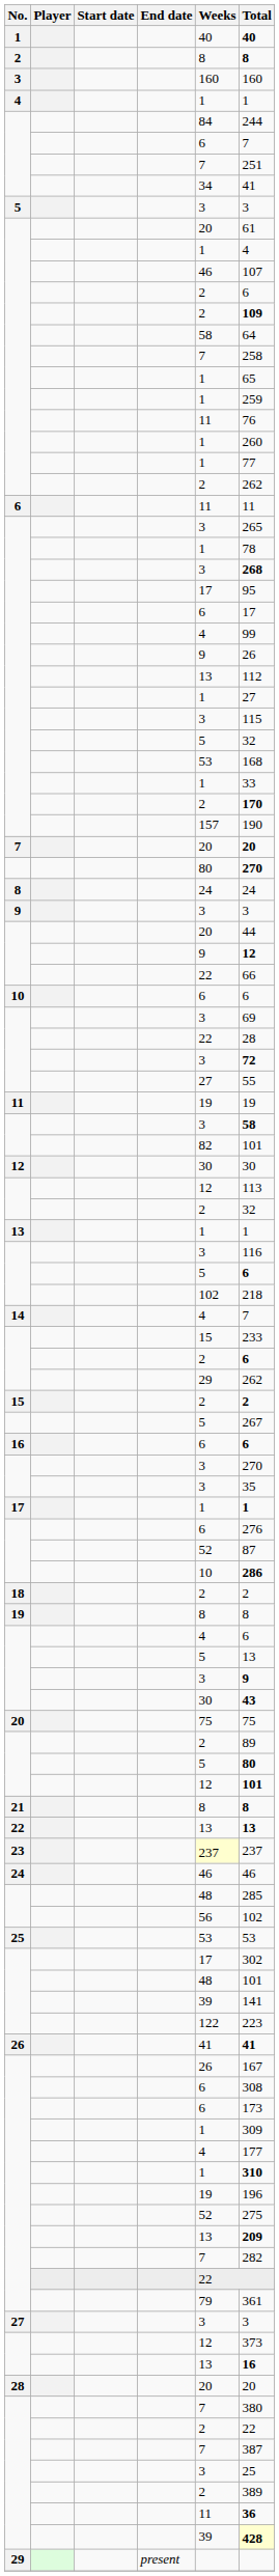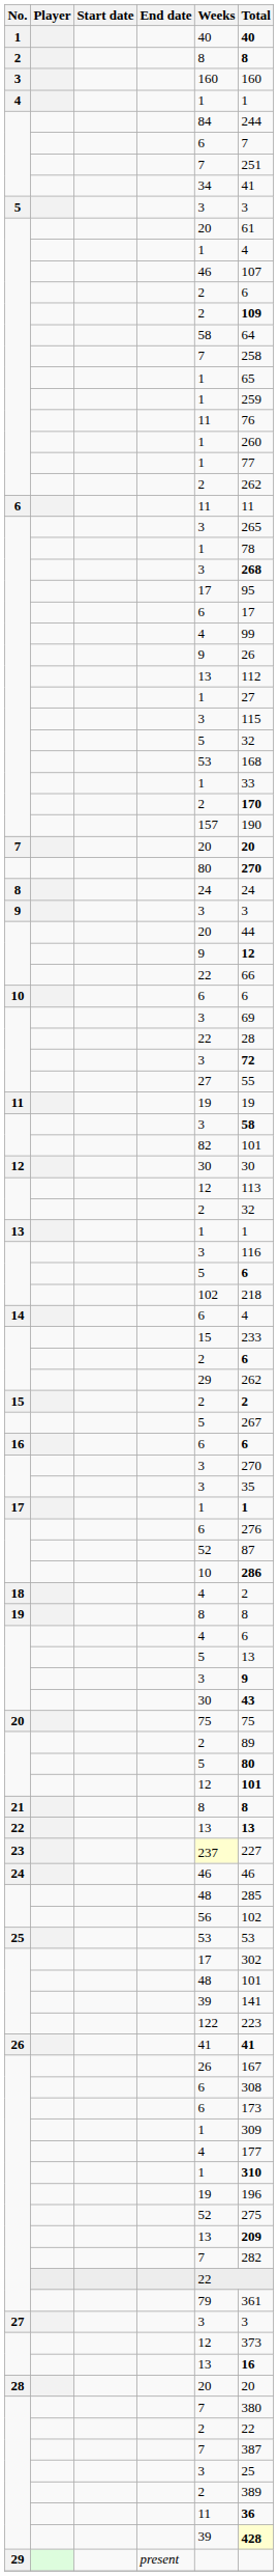 <table class="wikitable sortable plainrowheaders nowrap">
 <tr>
 <th scope="col" class="unsortable">No.</th>
 <th scope="col">Player</th>
 <th scope="col" style="width:90">Start date</th>
 <th scope="col" style="width:90">End date</th>
 <th scope="col">Weeks</th>
 <th scope="col">Total</th>
 </tr>
 <tr>
 <th scope="row"><strong>1</strong></th>
 <th scope="row"></th>
 <td></td>
 <td></td>
 <td>40</td>
 <td><strong>40</strong></td>
 </tr>
 <tr>
 <th scope="row"><strong>2</strong></th>
 <th scope="row"></th>
 <td></td>
 <td></td>
 <td>8</td>
 <td><strong>8</strong></td>
 </tr>
 <tr>
 <th scope="row"><strong>3</strong></th>
 <th scope="row"></th>
 <td></td>
 <td></td>
 <td>160</td>
 <td>160</td>
 </tr>
 <tr>
 <th scope="row"><strong>4</strong></th>
 <th scope="row"></th>
 <td></td>
 <td></td>
 <td>1</td>
 <td>1</td>
 </tr>
 <tr>
 <td rowspan="4"></td>
 <td></td>
 <td></td>
 <td></td>
 <td>84</td>
 <td>244</td>
 </tr>
 <tr>
 <td></td>
 <td></td>
 <td></td>
 <td>6</td>
 <td>7</td>
 </tr>
 <tr>
 <td></td>
 <td></td>
 <td></td>
 <td>7</td>
 <td>251</td>
 </tr>
 <tr>
 <td></td>
 <td></td>
 <td></td>
 <td>34</td>
 <td>41</td>
 </tr>
 <tr>
 <th scope="row"><strong>5</strong></th>
 <th scope="row"></th>
 <td></td>
 <td></td>
 <td>3</td>
 <td>3</td>
 </tr>
 <tr>
 <td rowspan="13"></td>
 <td></td>
 <td></td>
 <td></td>
 <td>20</td>
 <td>61</td>
 </tr>
 <tr>
 <td></td>
 <td></td>
 <td></td>
 <td>1</td>
 <td>4</td>
 </tr>
 <tr>
 <td></td>
 <td></td>
 <td></td>
 <td>46</td>
 <td>107</td>
 </tr>
 <tr>
 <td></td>
 <td></td>
 <td></td>
 <td>2</td>
 <td>6</td>
 </tr>
 <tr>
 <td></td>
 <td></td>
 <td></td>
 <td>2</td>
 <td><strong>109</strong></td>
 </tr>
 <tr>
 <td></td>
 <td></td>
 <td></td>
 <td>58</td>
 <td>64</td>
 </tr>
 <tr>
 <td></td>
 <td></td>
 <td></td>
 <td>7</td>
 <td>258</td>
 </tr>
 <tr>
 <td></td>
 <td></td>
 <td></td>
 <td>1</td>
 <td>65</td>
 </tr>
 <tr>
 <td></td>
 <td></td>
 <td></td>
 <td>1</td>
 <td>259</td>
 </tr>
 <tr>
 <td></td>
 <td></td>
 <td></td>
 <td>11</td>
 <td>76</td>
 </tr>
 <tr>
 <td></td>
 <td></td>
 <td></td>
 <td>1</td>
 <td>260</td>
 </tr>
 <tr>
 <td></td>
 <td></td>
 <td></td>
 <td>1</td>
 <td>77</td>
 </tr>
 <tr>
 <td></td>
 <td></td>
 <td></td>
 <td>2</td>
 <td>262</td>
 </tr>
 <tr>
 <th scope="row"><strong>6</strong></th>
 <th scope="row"></th>
 <td></td>
 <td></td>
 <td>11</td>
 <td>11</td>
 </tr>
 <tr>
 <td rowspan="15"></td>
 <td></td>
 <td></td>
 <td></td>
 <td>3</td>
 <td>265</td>
 </tr>
 <tr>
 <td></td>
 <td></td>
 <td></td>
 <td>1</td>
 <td>78</td>
 </tr>
 <tr>
 <td></td>
 <td></td>
 <td></td>
 <td>3</td>
 <td><strong>268</strong></td>
 </tr>
 <tr>
 <td></td>
 <td></td>
 <td></td>
 <td>17</td>
 <td>95</td>
 </tr>
 <tr>
 <td></td>
 <td></td>
 <td></td>
 <td>6</td>
 <td>17</td>
 </tr>
 <tr>
 <td></td>
 <td></td>
 <td></td>
 <td>4</td>
 <td>99</td>
 </tr>
 <tr>
 <td></td>
 <td></td>
 <td></td>
 <td>9</td>
 <td>26</td>
 </tr>
 <tr>
 <td></td>
 <td></td>
 <td></td>
 <td>13</td>
 <td>112</td>
 </tr>
 <tr>
 <td></td>
 <td></td>
 <td></td>
 <td>1</td>
 <td>27</td>
 </tr>
 <tr>
 <td></td>
 <td></td>
 <td></td>
 <td>3</td>
 <td>115</td>
 </tr>
 <tr>
 <td></td>
 <td></td>
 <td></td>
 <td>5</td>
 <td>32</td>
 </tr>
 <tr>
 <td></td>
 <td></td>
 <td></td>
 <td>53</td>
 <td>168</td>
 </tr>
 <tr>
 <td></td>
 <td></td>
 <td></td>
 <td>1</td>
 <td>33</td>
 </tr>
 <tr>
 <td></td>
 <td></td>
 <td></td>
 <td>2</td>
 <td><strong>170</strong></td>
 </tr>
 <tr>
 <td></td>
 <td></td>
 <td></td>
 <td>157</td>
 <td>190</td>
 </tr>
 <tr>
 <th scope="row"><strong>7</strong></th>
 <th scope="row"></th>
 <td></td>
 <td></td>
 <td>20</td>
 <td><strong>20</strong></td>
 </tr>
 <tr>
 <td></td>
 <td></td>
 <td></td>
 <td></td>
 <td>80</td>
 <td><strong>270</strong></td>
 </tr>
 <tr>
 <th scope="row"><strong>8</strong></th>
 <th scope="row"></th>
 <td></td>
 <td></td>
 <td>24</td>
 <td>24</td>
 </tr>
 <tr>
 <th scope="row"><strong>9</strong></th>
 <th scope="row"></th>
 <td></td>
 <td></td>
 <td>3</td>
 <td>3</td>
 </tr>
 <tr>
 <td rowspan="3"></td>
 <td></td>
 <td></td>
 <td></td>
 <td>20</td>
 <td>44</td>
 </tr>
 <tr>
 <td></td>
 <td></td>
 <td></td>
 <td>9</td>
 <td><strong>12</strong></td>
 </tr>
 <tr>
 <td></td>
 <td></td>
 <td></td>
 <td>22</td>
 <td>66</td>
 </tr>
 <tr>
 <th scope="row"><strong>10</strong></th>
 <th scope="row"></th>
 <td></td>
 <td></td>
 <td>6</td>
 <td>6</td>
 </tr>
 <tr>
 <td rowspan="4"></td>
 <td></td>
 <td></td>
 <td></td>
 <td>3</td>
 <td>69</td>
 </tr>
 <tr>
 <td></td>
 <td></td>
 <td></td>
 <td>22</td>
 <td>28</td>
 </tr>
 <tr>
 <td></td>
 <td></td>
 <td></td>
 <td>3</td>
 <td><strong>72</strong></td>
 </tr>
 <tr>
 <td></td>
 <td></td>
 <td></td>
 <td>27</td>
 <td>55</td>
 </tr>
 <tr>
 <th scope="row"><strong>11</strong></th>
 <th scope="row"></th>
 <td></td>
 <td></td>
 <td>19</td>
 <td>19</td>
 </tr>
 <tr>
 <td rowspan="2"></td>
 <td></td>
 <td></td>
 <td></td>
 <td>3</td>
 <td><strong>58</strong></td>
 </tr>
 <tr>
 <td></td>
 <td></td>
 <td></td>
 <td>82</td>
 <td>101</td>
 </tr>
 <tr>
 <th scope="row"><strong>12</strong></th>
 <th scope="row"></th>
 <td></td>
 <td></td>
 <td>30</td>
 <td>30</td>
 </tr>
 <tr>
 <td rowspan="2"></td>
 <td></td>
 <td></td>
 <td></td>
 <td>12</td>
 <td>113</td>
 </tr>
 <tr>
 <td></td>
 <td></td>
 <td></td>
 <td>2</td>
 <td>32</td>
 </tr>
 <tr>
 <th scope="row"><strong>13</strong></th>
 <th scope="row"></th>
 <td></td>
 <td></td>
 <td>1</td>
 <td>1</td>
 </tr>
 <tr>
 <td rowspan="3"></td>
 <td></td>
 <td></td>
 <td></td>
 <td>3</td>
 <td>116</td>
 </tr>
 <tr>
 <td></td>
 <td></td>
 <td></td>
 <td>5</td>
 <td><strong>6</strong></td>
 </tr>
 <tr>
 <td></td>
 <td></td>
 <td></td>
 <td>102</td>
 <td>218</td>
 </tr>
 <tr>
 <th scope="row"><strong>14</strong></th>
 <th scope="row"></th>
 <td></td>
 <td></td>
+<td>6</td>
 <td>4</td>
-<td>7</td>
 </tr>
 <tr>
 <td rowspan="3"></td>
 <td></td>
 <td></td>
 <td></td>
 <td>15</td>
 <td>233</td>
 </tr>
 <tr>
 <td></td>
 <td></td>
 <td></td>
 <td>2</td>
 <td><strong>6</strong></td>
 </tr>
 <tr>
 <td></td>
 <td></td>
 <td></td>
 <td>29</td>
 <td>262</td>
 </tr>
 <tr>
 <th scope="row"><strong>15</strong></th>
 <th scope="row"></th>
 <td></td>
 <td></td>
 <td>2</td>
 <td><strong>2</strong></td>
 </tr>
 <tr>
 <td></td>
 <td></td>
 <td></td>
 <td></td>
 <td>5</td>
 <td>267</td>
 </tr>
 <tr>
 <th scope="row"><strong>16</strong></th>
 <th scope="row"></th>
 <td></td>
 <td></td>
 <td>6</td>
 <td><strong>6</strong></td>
 </tr>
 <tr>
 <td rowspan="2"></td>
 <td></td>
 <td></td>
 <td></td>
 <td>3</td>
 <td>270</td>
 </tr>
 <tr>
 <td></td>
 <td></td>
 <td></td>
 <td>3</td>
 <td>35</td>
 </tr>
 <tr>
 <th scope="row"><strong>17</strong></th>
 <th scope="row"></th>
 <td></td>
 <td></td>
 <td>1</td>
 <td><strong>1</strong></td>
 </tr>
 <tr>
 <td rowspan="3"></td>
 <td></td>
 <td></td>
 <td></td>
 <td>6</td>
 <td>276</td>
 </tr>
 <tr>
 <td></td>
 <td></td>
 <td></td>
 <td>52</td>
 <td>87</td>
 </tr>
 <tr>
 <td></td>
 <td></td>
 <td></td>
 <td>10</td>
 <td><strong>286</strong></td>
 </tr>
 <tr>
 <th scope="row"><strong>18</strong></th>
 <th scope="row"></th>
 <td></td>
 <td></td>
-<td>2</td>
+<td>4</td>
 <td>2</td>
 </tr>
 <tr>
 <th scope="row"><strong>19</strong></th>
 <th scope="row"></th>
 <td></td>
 <td></td>
 <td>8</td>
 <td>8</td>
 </tr>
 <tr>
 <td rowspan="4"></td>
 <td> </td>
 <td></td>
 <td></td>
 <td>4</td>
 <td>6</td>
 </tr>
 <tr>
 <td></td>
 <td></td>
 <td></td>
 <td>5</td>
 <td>13</td>
 </tr>
 <tr>
 <td></td>
 <td></td>
 <td></td>
 <td>3</td>
 <td><strong>9</strong></td>
 </tr>
 <tr>
 <td></td>
 <td></td>
 <td></td>
 <td>30</td>
 <td><strong>43</strong></td>
 </tr>
 <tr>
 <th scope="row"><strong>20</strong></th>
 <th scope="row"></th>
 <td></td>
 <td></td>
 <td>75</td>
 <td>75</td>
 </tr>
 <tr>
 <td rowspan="3"></td>
 <td></td>
 <td></td>
 <td></td>
 <td>2</td>
 <td>89</td>
 </tr>
 <tr>
 <td></td>
 <td></td>
 <td></td>
 <td>5</td>
 <td><strong>80</strong></td>
 </tr>
 <tr>
 <td></td>
 <td></td>
 <td></td>
 <td>12</td>
 <td><strong>101</strong></td>
 </tr>
 <tr>
 <th scope="row"><strong>21</strong></th>
 <th scope="row"></th>
 <td></td>
 <td></td>
 <td>8</td>
 <td><strong>8</strong></td>
 </tr>
 <tr>
 <th scope="row"><strong>22</strong></th>
 <th scope="row"></th>
 <td></td>
 <td></td>
 <td>13</td>
 <td><strong>13</strong></td>
 </tr>
 <tr>
 <th scope="row"><strong>23</strong></th>
 <th scope="row"></th>
 <td></td>
 <td></td>
 <td style="background:#ffffcf">237<sup></sup></td>
-<td>237</td>
+<td>227</td>
 </tr>
 <tr>
 <th scope="row"><strong>24</strong></th>
 <th scope="row"></th>
 <td></td>
 <td></td>
 <td>46</td>
 <td>46</td>
 </tr>
 <tr>
 <td rowspan="2"></td>
 <td></td>
 <td></td>
 <td></td>
 <td>48</td>
 <td>285</td>
 </tr>
 <tr>
 <td></td>
 <td></td>
 <td></td>
 <td>56</td>
 <td>102</td>
 </tr>
 <tr>
 <th scope="row"><strong>25</strong></th>
 <th scope="row"></th>
 <td></td>
 <td></td>
 <td>53</td>
 <td>53</td>
 </tr>
 <tr>
 <td rowspan="4"></td>
 <td></td>
 <td></td>
 <td></td>
 <td>17</td>
 <td>302</td>
 </tr>
 <tr>
 <td></td>
 <td></td>
 <td></td>
 <td>48</td>
 <td>101</td>
 </tr>
 <tr>
 <td></td>
 <td></td>
 <td></td>
 <td>39</td>
 <td>141</td>
 </tr>
 <tr>
 <td></td>
 <td></td>
 <td></td>
 <td>122</td>
 <td>223</td>
 </tr>
 <tr>
 <th scope="row"><strong>26</strong></th>
 <th scope="row"></th>
 <td></td>
 <td></td>
 <td>41</td>
 <td><strong>41</strong></td>
 </tr>
 <tr>
 <td rowspan="12"></td>
 <td></td>
 <td></td>
 <td></td>
 <td>26</td>
 <td>167</td>
 </tr>
 <tr>
 <td></td>
 <td></td>
 <td></td>
 <td>6</td>
 <td>308</td>
 </tr>
 <tr>
 <td></td>
 <td></td>
 <td></td>
 <td>6</td>
 <td>173</td>
 </tr>
 <tr>
 <td></td>
 <td></td>
 <td></td>
 <td>1</td>
 <td>309</td>
 </tr>
 <tr>
 <td></td>
 <td></td>
 <td></td>
 <td>4</td>
 <td>177</td>
 </tr>
 <tr>
 <td></td>
 <td></td>
 <td></td>
 <td>1</td>
 <td><strong>310</strong></td>
 </tr>
 <tr>
 <td></td>
 <td></td>
 <td></td>
 <td>19</td>
 <td>196</td>
 </tr>
 <tr>
 <td></td>
 <td></td>
 <td></td>
 <td>52</td>
 <td>275</td>
 </tr>
 <tr>
 <td></td>
 <td></td>
 <td></td>
 <td>13</td>
 <td><strong>209</strong></td>
 </tr>
 <tr>
 <td></td>
 <td></td>
 <td></td>
 <td>7</td>
 <td>282</td>
 </tr>
 <tr>
 <th scope="row" style="background-color: #ededed; text-align:center;"></th>
 <td style="background-color: #ededed"></td>
 <td style="background-color: #ededed"></td>
 <td colspan="2" scope="row" style="background-color: #ededed">22</td>
 </tr>
 <tr>
 <td></td>
 <td></td>
 <td></td>
 <td>79</td>
 <td>361</td>
 </tr>
 <tr>
 <th scope="row"><strong>27</strong></th>
 <th scope="row"></th>
 <td></td>
 <td></td>
 <td>3</td>
 <td>3</td>
 </tr>
 <tr>
 <td rowspan="2"></td>
 <td></td>
 <td></td>
 <td></td>
 <td>12</td>
 <td>373</td>
 </tr>
 <tr>
 <td></td>
 <td></td>
 <td></td>
 <td>13</td>
 <td><strong>16</strong></td>
 </tr>
 <tr>
 <th scope="row"><strong>28</strong></th>
 <th scope="row" style="text-align:left"></th>
 <td></td>
 <td></td>
 <td>20</td>
 <td>20</td>
 </tr>
 <tr>
 <td rowspan="7"></td>
 <td></td>
 <td></td>
 <td></td>
 <td>7</td>
 <td>380</td>
 </tr>
 <tr>
 <td></td>
 <td></td>
 <td></td>
 <td>2</td>
 <td>22</td>
 </tr>
 <tr>
 <td></td>
 <td></td>
 <td></td>
 <td>7</td>
 <td>387</td>
 </tr>
 <tr>
 <td></td>
 <td></td>
 <td></td>
 <td>3</td>
 <td>25</td>
 </tr>
 <tr>
 <td></td>
 <td></td>
 <td></td>
 <td>2</td>
 <td>389</td>
 </tr>
 <tr>
 <td></td>
 <td></td>
 <td></td>
 <td>11</td>
 <td><strong>36</strong></td>
 </tr>
 <tr>
 <td></td>
 <td></td>
 <td></td>
 <td>39</td>
 <td style="background:#ffffcf"><strong>428</strong><sup></sup></td>
 </tr>
 <tr>
 <th scope="row"><strong>29</strong></th>
 <th scope="row" style="background: #ddfddd"></th>
 <td></td>
 <td><em>present</em></td>
 <td></td>
 <td><strong></strong></td>
 </tr>
 <tr>
 </tr>
 </table>
